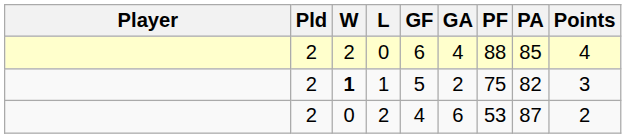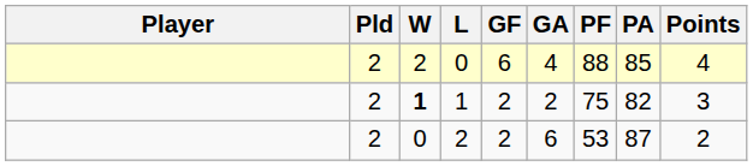 <table class=wikitable style="text-align:center;">
 <tr>
 <th width=220>Player</th>
 <th width=20>Pld</th>
 <th width=20>W</th>
 <th width=20>L</th>
 <th width=20>GF</th>
 <th width=20>GA</th>
 <th width=20>PF</th>
 <th width=20>PA</th>
 <th width=50>Points</th>
 </tr>
 <tr bgcolor=#ffffcc>
 <td style="text-align:left;"></td>
 <td>2</td>
 <td>2</td>
 <td>0</td>
 <td>6</td>
 <td>4</td>
 <td>88</td>
 <td>85</td>
 <td>4</td>
 </tr>
 <tr>
 <td style="text-align:left;"></td>
 <td>2</td>
 <td><strong>1</strong></td>
 <td>1</td>
-<td>5</td>
+<td>2</td>
 <td>2</td>
 <td>75</td>
 <td>82</td>
 <td>3</td>
 </tr>
 <tr>
 <td style="text-align:left;"></td>
 <td>2</td>
 <td>0</td>
 <td>2</td>
-<td>4</td>
+<td>2</td>
 <td>6</td>
 <td>53</td>
 <td>87</td>
 <td>2</td>
 </tr>
 </table>
